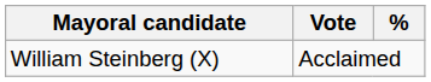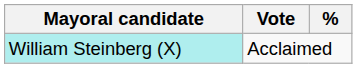 <table class="wikitable">
 <tr>
 <th bgcolor="#DDDDFF" width="200px">Mayoral candidate</th>
 <th bgcolor="#DDDDFF" width="50px">Vote</th>
 <th bgcolor="#DDDDFF"  width="30px">%</th>
 </tr>
 <tr>
-<td>William Steinberg (X)</td>
+<td style="background: paleturquoise;">William Steinberg (X)</td>
 <td colspan="2">Acclaimed</td>
 </tr>
 </table>
